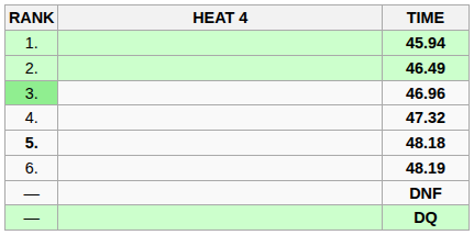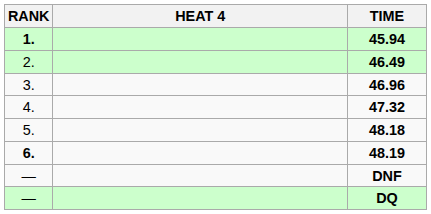 <table class="wikitable" style="border-collapse: collapse; font-size: 90%;">
 <tr>
 <th>RANK</th>
 <th style="width: 20em">HEAT 4</th>
 <th style="width: 5em">TIME</th>
 </tr>
 <tr style="background:#ccffcc;">
-<td align="center">1.</td>
+<td align="center"><strong>1.</strong></td>
 <td></td>
 <td align="center"><strong>45.94</strong></td>
 </tr>
 <tr style="background:#ccffcc;">
 <td align="center">2.</td>
 <td></td>
 <td align="center"><strong>46.49</strong></td>
 </tr>
 <tr>
-<td align="center" style="background: lightgreen;">3.</td>
+<td align="center">3.</td>
 <td></td>
 <td align="center"><strong>46.96</strong></td>
 </tr>
 <tr>
 <td align="center">4.</td>
 <td></td>
 <td align="center"><strong>47.32</strong></td>
 </tr>
 <tr>
-<td align="center"><strong>5.</strong></td>
+<td align="center">5.</td>
 <td></td>
 <td align="center"><strong>48.18</strong></td>
 </tr>
 <tr>
-<td align="center">6.</td>
+<td align="center"><strong>6.</strong></td>
 <td></td>
 <td align="center"><strong>48.19</strong></td>
 </tr>
 <tr>
 <td align="center">—</td>
 <td></td>
 <td align="center"><strong>DNF</strong></td>
 </tr>
 <tr>
 </tr>
 <tr style="background:#ccffcc;">
 <td align="center">—</td>
 <td></td>
 <td align="center"><strong>DQ</strong></td>
 </tr>
 </table>
